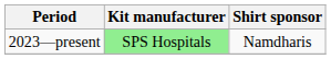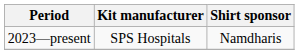 <table class="wikitable" style="text-align:center;margin-left:1em;float:center">
 <tr>
 <th>Period</th>
 <th>Kit manufacturer</th>
 <th>Shirt sponsor</th>
 </tr>
 <tr>
 <td>2023—present</td>
-<td style="background: lightgreen;">SPS Hospitals</td>
+<td>SPS Hospitals</td>
 <td>Namdharis</td>
 </tr>
 <tr>
 </tr>
 </table>
